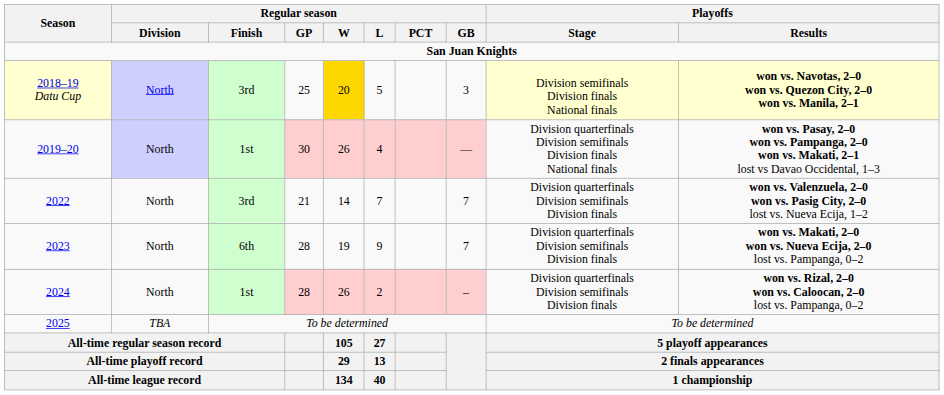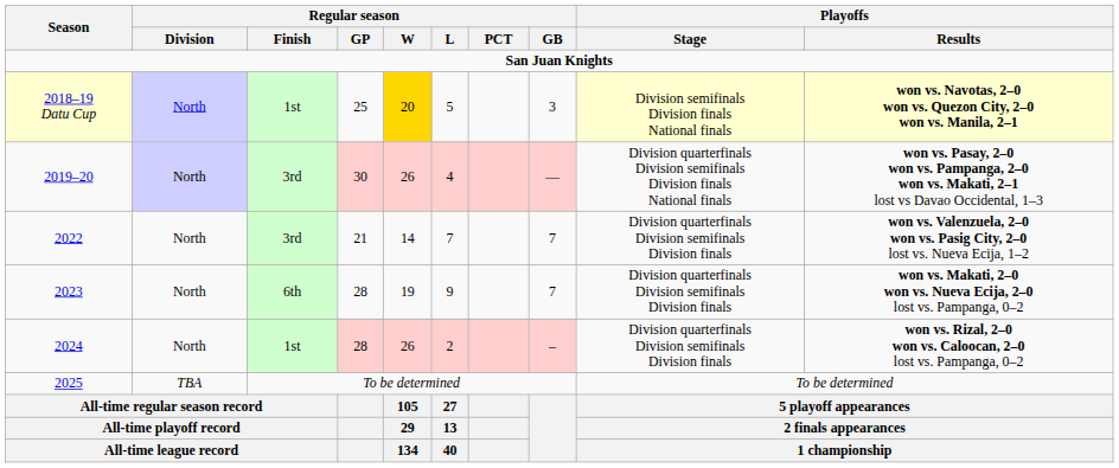 <table class=wikitable style="width:100%; text-align:center">
 <tr>
 <th rowspan="2">Season</th>
 <th colspan="7">Regular season</th>
 <th colspan="2">Playoffs</th>
 </tr>
 <tr>
 <th>Division</th>
 <th>Finish</th>
 <th>GP</th>
 <th>W</th>
 <th>L</th>
 <th>PCT</th>
 <th>GB</th>
 <th>Stage</th>
 <th>Results</th>
 </tr>
 <tr>
 <td colspan=10><span><strong>San Juan Knights</strong></span></td>
 </tr>
 <tr>
 <td bgcolor="#FFFFCF"><a href='#'>2018–19</a> <br> <em>Datu Cup</em></td>
 <td bgcolor="#CFCFFF"><a href='#'>North</a></td>
-<td bgcolor="#CFFFCF">3rd</td>
+<td bgcolor="#CFFFCF">1st</td>
 <td>25</td>
 <td style="background: gold;">20</td>
 <td>5</td>
 <td></td>
 <td>3</td>
 <td bgcolor="#FFFFCF"> <br> Division semifinals <br> Division finals <br> National finals</td>
 <td bgcolor="#FFFFCF"><strong>won vs. Navotas, 2–0</strong> <br> <strong>won vs. Quezon City, 2–0</strong> <br> <strong>won vs. Manila, 2–1</strong> <br> <strong></strong></td>
 </tr>
 <tr>
 <td><a href='#'>2019–20</a> <br> </td>
 <td bgcolor="#CFCFFF">North</td>
-<td bgcolor="#CFFFCF">1st</td>
+<td bgcolor="#CFFFCF">3rd</td>
 <td bgcolor="FFCFCF">30</td>
 <td bgcolor="FFCFCF">26</td>
 <td bgcolor="FFCFCF">4</td>
 <td bgcolor="#FFCFCF"></td>
 <td bgcolor="FFCFCF">—</td>
 <td>Division quarterfinals <br> Division semifinals <br> Division finals <br> National finals</td>
 <td><strong>won vs. Pasay, 2–0</strong> <br> <strong>won vs. Pampanga, 2–0</strong> <br> <strong>won vs. Makati, 2–1</strong> <br> lost vs Davao Occidental, 1–3</td>
 </tr>
 <tr>
 <td><a href='#'>2022</a></td>
 <td>North</td>
 <td bgcolor="#CFFFCF">3rd</td>
 <td>21</td>
 <td>14</td>
 <td>7</td>
 <td></td>
 <td>7</td>
 <td>Division quarterfinals <br> Division semifinals <br> Division finals</td>
 <td><strong>won vs. Valenzuela, 2–0</strong> <br> <strong>won vs. Pasig City, 2–0</strong> <br> lost vs. Nueva Ecija, 1–2</td>
 </tr>
 <tr>
 <td><a href='#'>2023</a></td>
 <td>North</td>
 <td bgcolor="#CFFFCF">6th</td>
 <td>28</td>
 <td>19</td>
 <td>9</td>
 <td></td>
 <td>7</td>
 <td>Division quarterfinals <br> Division semifinals <br> Division finals</td>
 <td><strong>won vs. Makati, 2–0</strong> <br> <strong>won vs. Nueva Ecija, 2–0</strong> <br> lost vs. Pampanga, 0–2</td>
 </tr>
 <tr>
 <td><a href='#'>2024</a></td>
 <td>North</td>
 <td bgcolor="#CFFFCF">1st</td>
 <td bgcolor="FFCFCF" bgcolor="#FFCFCF">28</td>
 <td bgcolor="#FFCFCF">26</td>
 <td bgcolor="#FFCFCF">2</td>
 <td bgcolor="#FFCFCF"></td>
 <td bgcolor="#FFCFCF">–</td>
 <td>Division quarterfinals<br>Division semifinals<br>Division finals</td>
 <td><strong>won vs. Rizal, 2–0</strong><br><strong>won vs. Caloocan, 2–0</strong><br>lost vs. Pampanga, 0–2</td>
 </tr>
 <tr>
 <td><a href='#'>2025</a></td>
 <td><em>TBA</em></td>
 <td colspan=6><em>To be determined</em></td>
 <td colspan=2><em>To be determined</em></td>
 </tr>
 <tr>
 <th colspan="3">All-time regular season record</th>
 <th></th>
 <th>105</th>
 <th>27</th>
 <th></th>
 <th rowspan="3"></th>
 <th colspan="2">5 playoff appearances</th>
 </tr>
 <tr>
 <th colspan="3">All-time playoff record</th>
 <th></th>
 <th>29</th>
 <th>13</th>
 <th></th>
 <th colspan="2">2 finals appearances</th>
 </tr>
 <tr>
 <th colspan="3">All-time league record</th>
 <th></th>
 <th>134</th>
 <th>40</th>
 <th></th>
 <th colspan="2">1 championship</th>
 </tr>
 </table>
